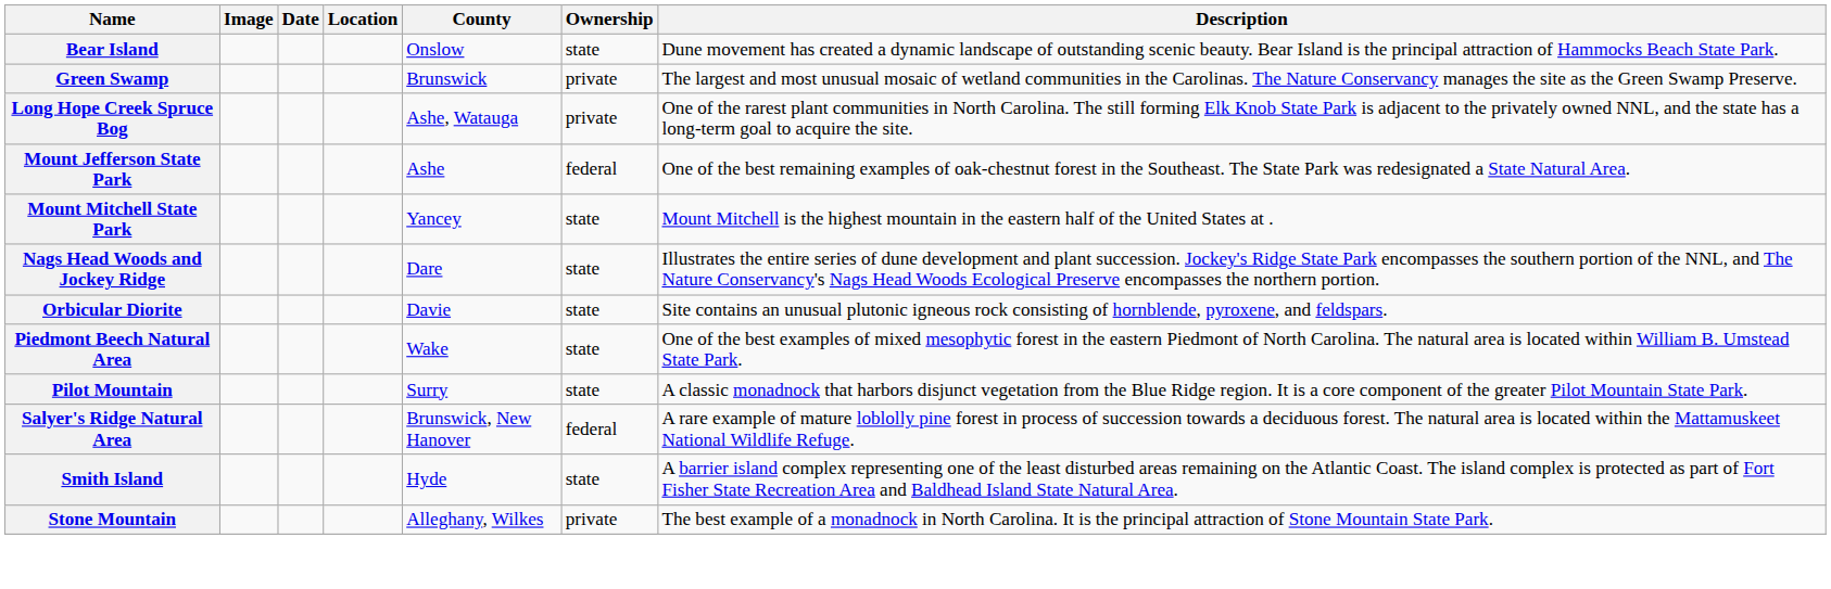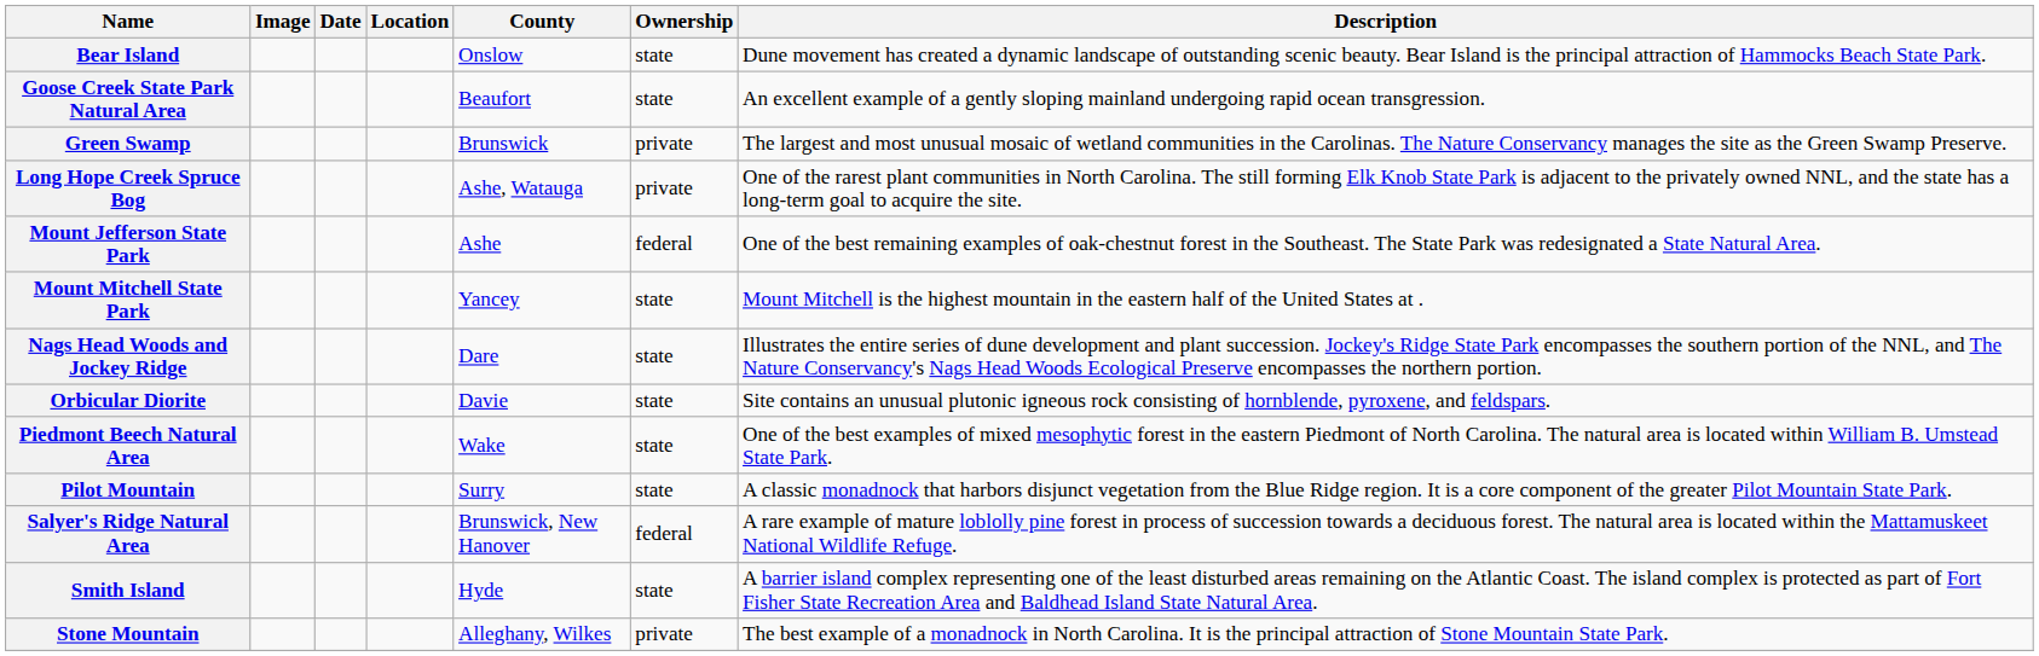 <table class="wikitable sortable" align="center">
 <tr>
 <th style="background-color:">Name</th>
 <th style="background-color:">Image</th>
 <th style="background-color:">Date</th>
 <th style="background-color:">Location</th>
 <th style="background-color:">County</th>
 <th style="background-color:">Ownership</th>
 <th style="background-color:">Description</th>
 </tr>
 <tr>
 <th><a href='#'>Bear Island</a></th>
 <td></td>
 <td></td>
 <td></td>
 <td><a href='#'>Onslow</a></td>
 <td>state</td>
 <td>Dune movement has created a dynamic landscape of outstanding scenic beauty.  Bear Island is the principal attraction of <a href='#'>Hammocks Beach State Park</a>.</td>
+</tr>
+<tr>
+<th><a href='#'>Goose Creek State Park Natural Area</a></th>
+<td></td>
+<td></td>
+<td></td>
+<td><a href='#'>Beaufort</a></td>
+<td>state</td>
+<td>An excellent example of a gently sloping mainland undergoing rapid ocean transgression.</td>
 </tr>
 <tr>
 <th><a href='#'>Green Swamp</a></th>
 <td></td>
 <td></td>
 <td></td>
 <td><a href='#'>Brunswick</a></td>
 <td>private</td>
 <td>The largest and most unusual mosaic of wetland communities in the Carolinas.  <a href='#'>The Nature Conservancy</a> manages the site as the Green Swamp Preserve.</td>
 </tr>
 <tr>
 <th><a href='#'>Long Hope Creek Spruce Bog</a></th>
 <td></td>
 <td></td>
 <td></td>
 <td><a href='#'>Ashe</a>,  <a href='#'>Watauga</a></td>
 <td>private</td>
 <td>One of the rarest plant communities in North Carolina.  The still forming <a href='#'>Elk Knob State Park</a> is adjacent to the privately owned NNL, and the state has a long-term goal to acquire the site.</td>
 </tr>
 <tr>
 <th><a href='#'>Mount Jefferson State Park</a></th>
 <td></td>
 <td></td>
 <td></td>
 <td><a href='#'>Ashe</a></td>
 <td>federal</td>
 <td>One of the best remaining examples of oak-chestnut forest in the Southeast.  The State Park was redesignated a <a href='#'>State Natural Area</a>.</td>
 </tr>
 <tr>
 <th><a href='#'>Mount Mitchell State Park</a></th>
 <td></td>
 <td></td>
 <td></td>
 <td><a href='#'>Yancey</a></td>
 <td>state</td>
 <td><a href='#'>Mount Mitchell</a> is the highest mountain in the eastern half of the United States at .</td>
 </tr>
 <tr>
 <th><a href='#'>Nags Head Woods and Jockey Ridge</a></th>
 <td></td>
 <td></td>
 <td></td>
 <td><a href='#'>Dare</a></td>
 <td>state</td>
 <td>Illustrates the entire series of dune development and plant succession.  <a href='#'>Jockey's Ridge State Park</a> encompasses the southern portion of the NNL, and <a href='#'>The Nature Conservancy</a>'s <a href='#'>Nags Head Woods Ecological Preserve</a> encompasses the northern portion.</td>
 </tr>
 <tr>
 <th><a href='#'>Orbicular Diorite</a></th>
 <td></td>
 <td></td>
 <td></td>
 <td><a href='#'>Davie</a></td>
 <td>state</td>
 <td>Site contains an unusual plutonic igneous rock consisting of <a href='#'>hornblende</a>, <a href='#'>pyroxene</a>, and <a href='#'>feldspars</a>.</td>
 </tr>
 <tr>
 <th><a href='#'>Piedmont Beech Natural Area</a></th>
 <td></td>
 <td></td>
 <td></td>
 <td><a href='#'>Wake</a></td>
 <td>state</td>
 <td>One of the best examples of mixed <a href='#'>mesophytic</a> forest in the eastern Piedmont of North Carolina.  The natural area is located within <a href='#'>William B. Umstead State Park</a>.</td>
 </tr>
 <tr>
 <th><a href='#'>Pilot Mountain</a></th>
 <td></td>
 <td></td>
 <td></td>
 <td><a href='#'>Surry</a></td>
 <td>state</td>
 <td>A classic <a href='#'>monadnock</a> that harbors disjunct vegetation from the Blue Ridge region.  It is a core component of the greater <a href='#'>Pilot Mountain State Park</a>.</td>
 </tr>
 <tr>
 <th><a href='#'>Salyer's Ridge Natural Area</a></th>
 <td></td>
 <td></td>
 <td></td>
 <td><a href='#'>Brunswick</a>, <a href='#'>New Hanover</a></td>
 <td>federal</td>
 <td>A rare example of mature <a href='#'>loblolly pine</a> forest in process of succession towards a deciduous forest.  The natural area is located within the <a href='#'>Mattamuskeet National Wildlife Refuge</a>.</td>
 </tr>
 <tr>
 <th><a href='#'>Smith Island</a></th>
 <td></td>
 <td></td>
 <td></td>
 <td><a href='#'>Hyde</a></td>
 <td>state</td>
 <td>A <a href='#'>barrier island</a> complex representing one of the least disturbed areas remaining on the Atlantic Coast.  The island complex is protected as part of <a href='#'>Fort Fisher State Recreation Area</a> and <a href='#'>Baldhead Island State Natural Area</a>.</td>
 </tr>
 <tr>
 <th><a href='#'>Stone Mountain</a></th>
 <td></td>
 <td></td>
 <td></td>
 <td><a href='#'>Alleghany</a>, <a href='#'>Wilkes</a></td>
 <td>private</td>
 <td>The best example of a <a href='#'>monadnock</a> in North Carolina.  It is the principal attraction of <a href='#'>Stone Mountain State Park</a>.</td>
 </tr>
 <tr>
 </tr>
 </table>
